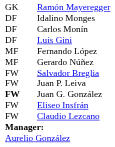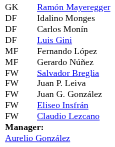 <table cellspacing="0" cellpadding="0" style="font-size:90%; margin:0.2em auto;">
 <tr>
 <th width="25"></th>
 <th width="25"></th>
 </tr>
 <tr>
 <td>GK</td>
 <td><strong> </strong></td>
 <td><a href='#'>Ramón Mayeregger</a></td>
 </tr>
 <tr>
 <td>DF</td>
 <td><strong> </strong></td>
 <td>Idalino Monges</td>
 </tr>
 <tr>
 <td>DF</td>
 <td><strong> </strong></td>
 <td>Carlos Monín</td>
 </tr>
 <tr>
 <td>DF</td>
 <td><strong> </strong></td>
 <td><a href='#'>Luis Gini</a></td>
 </tr>
 <tr>
 <td>MF</td>
 <td><strong> </strong></td>
 <td>Fernando López</td>
 </tr>
 <tr>
 <td>MF</td>
 <td><strong> </strong></td>
 <td>Gerardo Núñez</td>
 </tr>
 <tr>
 <td>FW</td>
 <td><strong> </strong></td>
 <td><a href='#'>Salvador Breglia</a></td>
 </tr>
 <tr>
 <td>FW</td>
 <td><strong> </strong></td>
 <td>Juan P. Leiva</td>
 </tr>
 <tr>
-<td><strong>FW</strong></td>
+<td>FW</td>
 <td><strong> </strong></td>
 <td>Juan G. González</td>
 </tr>
 <tr>
 <td>FW</td>
 <td><strong> </strong></td>
 <td><a href='#'>Eliseo Insfrán</a></td>
 </tr>
 <tr>
 <td>FW</td>
 <td><strong> </strong></td>
 <td><a href='#'>Claudio Lezcano</a></td>
 </tr>
 <tr>
 <td colspan=3><strong>Manager:</strong></td>
 </tr>
 <tr>
 <td colspan=4> <a href='#'>Aurelio González</a></td>
 </tr>
 </table>
